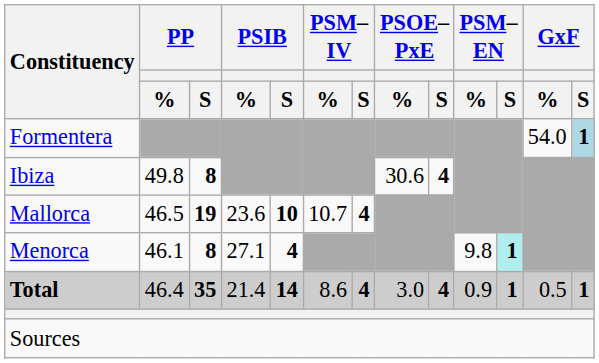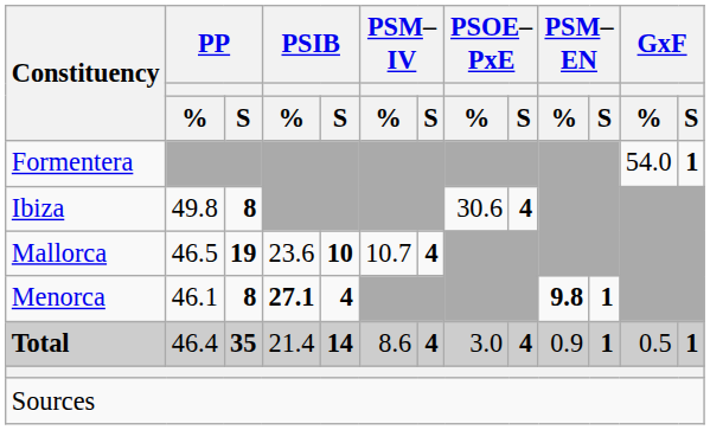 <table class="wikitable sortable" style="text-align:right; line-height:20px;">
 <tr>
 <th rowspan="3">Constituency</th>
 <th colspan="2" width="30px" class="unsortable"><a href='#'>PP</a></th>
 <th colspan="2" width="30px" class="unsortable"><a href='#'>PSIB</a></th>
 <th colspan="2" width="30px" class="unsortable"><a href='#'>PSM</a>–<a href='#'>IV</a></th>
 <th colspan="2" width="30px" class="unsortable"><a href='#'>PSOE</a>–<a href='#'>PxE</a></th>
 <th colspan="2" width="30px" class="unsortable"><a href='#'>PSM</a>–<a href='#'>EN</a></th>
 <th colspan="2" width="30px" class="unsortable"><a href='#'>GxF</a></th>
 </tr>
 <tr>
 <th colspan="2" style="background:"></th>
 <th colspan="2" style="background:"></th>
 <th colspan="2" style="background:"></th>
 <th colspan="2" style="background:"></th>
 <th colspan="2" style="background:"></th>
 <th colspan="2" style="background:"></th>
 </tr>
 <tr>
 <th data-sort-type="number">%</th>
 <th data-sort-type="number">S</th>
 <th data-sort-type="number">%</th>
 <th data-sort-type="number">S</th>
 <th data-sort-type="number">%</th>
 <th data-sort-type="number">S</th>
 <th data-sort-type="number">%</th>
 <th data-sort-type="number">S</th>
 <th data-sort-type="number">%</th>
 <th data-sort-type="number">S</th>
 <th data-sort-type="number">%</th>
 <th data-sort-type="number">S</th>
 </tr>
 <tr>
 <td align="left"><a href='#'>Formentera</a></td>
 <td colspan="2" bgcolor="#AAAAAA"></td>
 <td colspan="2" rowspan="2" bgcolor="#AAAAAA"></td>
 <td colspan="2" rowspan="2" bgcolor="#AAAAAA"></td>
 <td colspan="2" bgcolor="#AAAAAA"></td>
 <td colspan="2" rowspan="3" bgcolor="#AAAAAA"></td>
 <td style="background:">54.0</td>
-<td style="background: lightblue;"><strong>1</strong></td>
+<td><strong>1</strong></td>
 </tr>
 <tr>
 <td align="left"><a href='#'>Ibiza</a></td>
 <td style="background:">49.8</td>
 <td><strong>8</strong></td>
 <td>30.6</td>
 <td><strong>4</strong></td>
 <td colspan="2" rowspan="3" bgcolor="#AAAAAA"></td>
 </tr>
 <tr>
 <td align="left"><a href='#'>Mallorca</a></td>
 <td style="background:">46.5</td>
 <td><strong>19</strong></td>
 <td>23.6</td>
 <td><strong>10</strong></td>
 <td>10.7</td>
 <td><strong>4</strong></td>
 <td colspan="2" rowspan="2" bgcolor="#AAAAAA"></td>
 </tr>
 <tr>
 <td align="left"><a href='#'>Menorca</a></td>
 <td style="background:">46.1</td>
 <td><strong>8</strong></td>
-<td>27.1</td>
+<td><strong>27.1</strong></td>
 <td><strong>4</strong></td>
 <td colspan="2" bgcolor="#AAAAAA"></td>
-<td>9.8</td>
-<td style="background: paleturquoise;"><strong>1</strong></td>
+<td><strong>9.8</strong></td>
+<td><strong>1</strong></td>
 </tr>
 <tr style="background:#CDCDCD;">
 <td align="left"><strong>Total</strong></td>
 <td style="background:">46.4</td>
 <td><strong>35</strong></td>
 <td>21.4</td>
 <td><strong>14</strong></td>
 <td>8.6</td>
 <td><strong>4</strong></td>
 <td>3.0</td>
 <td><strong>4</strong></td>
 <td>0.9</td>
 <td><strong>1</strong></td>
 <td>0.5</td>
 <td><strong>1</strong></td>
 </tr>
 <tr>
 <th colspan="13"></th>
 </tr>
 <tr>
 <th style="text-align:left; font-weight:normal; background:#F9F9F9" colspan="13">Sources</th>
 </tr>
 </table>
